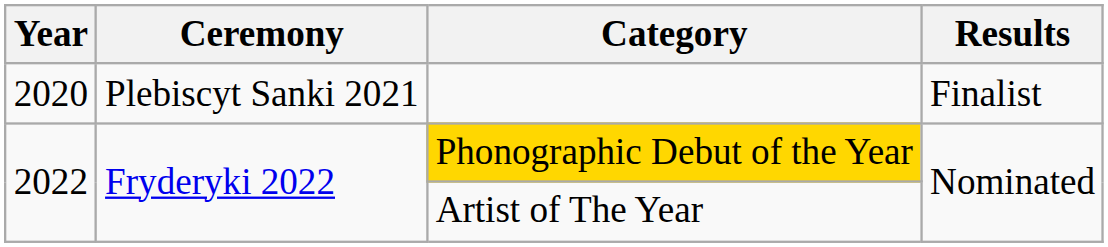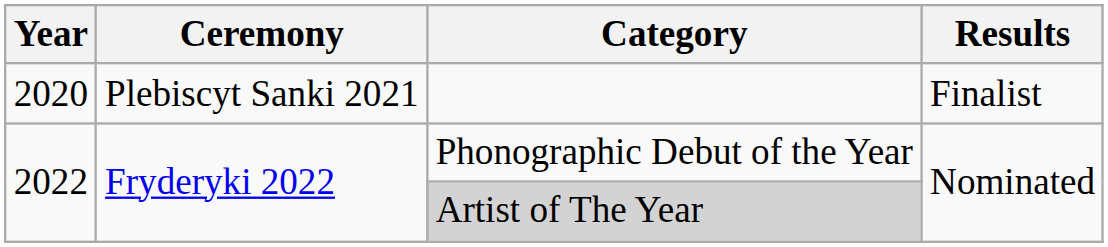 <table class="wikitable">
 <tr>
 <th>Year</th>
 <th>Ceremony</th>
 <th>Category</th>
 <th>Results</th>
 </tr>
 <tr>
 <td>2020</td>
 <td>Plebiscyt Sanki 2021</td>
 <td></td>
 <td>Finalist</td>
 </tr>
 <tr>
 <td rowspan="2">2022</td>
 <td rowspan="2"><a href='#'>Fryderyki 2022</a></td>
-<td style="background: gold;">Phonographic Debut of the Year</td>
+<td>Phonographic Debut of the Year</td>
 <td rowspan="2">Nominated</td>
 </tr>
 <tr>
-<td>Artist of The Year</td>
+<td style="background: lightgrey;">Artist of The Year</td>
 </tr>
 </table>
